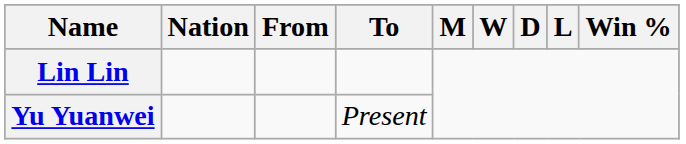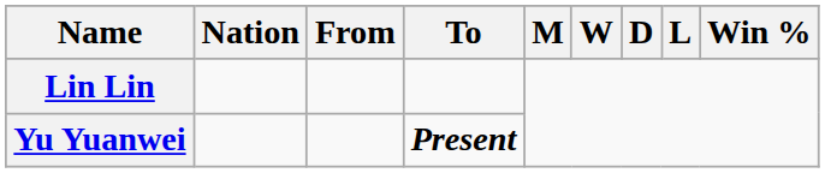 <table class="wikitable sortable plainrowheaders" style="text-align: center">
 <tr>
 <th scope=col>Name</th>
 <th scope=col>Nation</th>
 <th scope=col>From</th>
 <th scope=col class="unsortable">To</th>
 <th scope=col>M</th>
 <th scope=col>W</th>
 <th scope=col>D</th>
 <th scope=col>L</th>
 <th scope=col>Win %</th>
 </tr>
 <tr>
 <th align=left scope=row><a href='#'>Lin Lin</a></th>
 <td align=left></td>
 <td align=left></td>
 <td align=left><br></td>
 </tr>
 <tr>
 <th align=left scope=row><a href='#'>Yu Yuanwei</a></th>
 <td align=left></td>
 <td align=left></td>
-<td align=left><em>Present</em><br></td>
+<td align=left><strong><em>Present</em><br></strong></td>
 </tr>
 </table>
